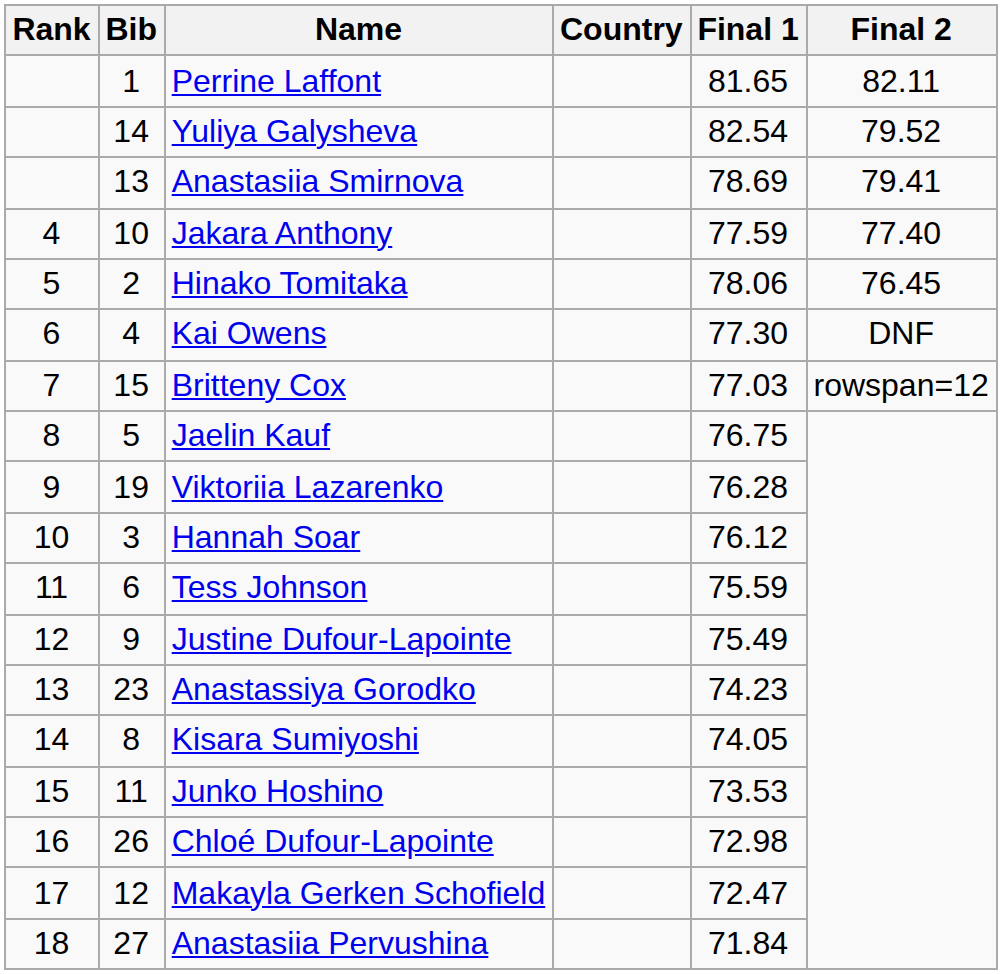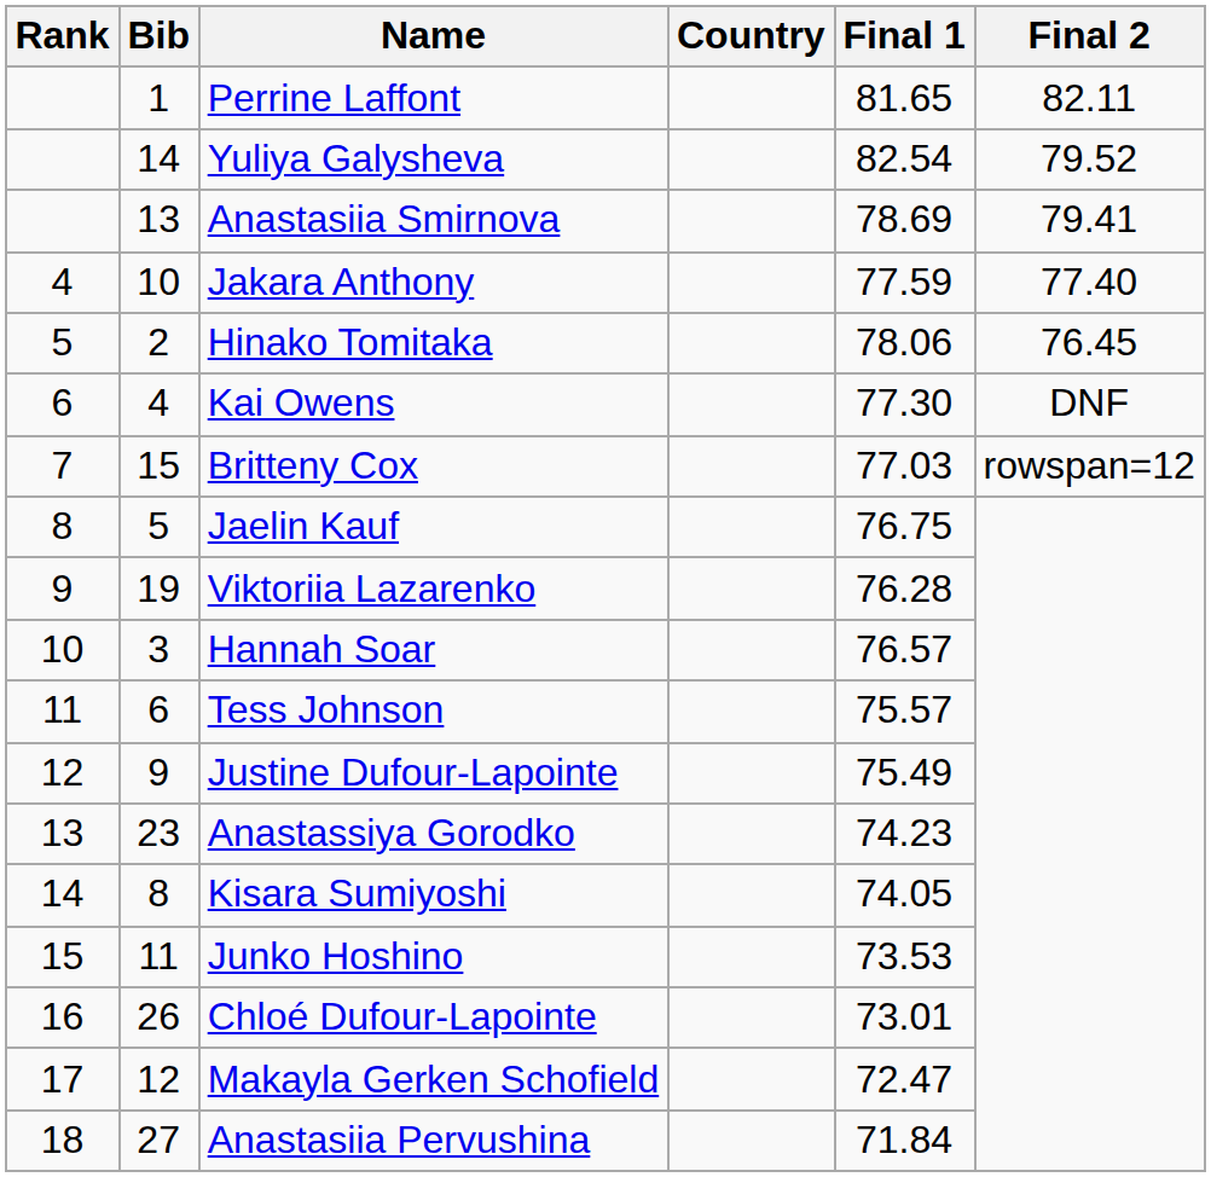 <table class="wikitable sortable" style="text-align:center">
 <tr>
 <th>Rank</th>
 <th>Bib</th>
 <th>Name</th>
 <th>Country</th>
 <th>Final 1</th>
 <th>Final 2</th>
 </tr>
 <tr>
 <td></td>
 <td>1</td>
 <td align=left><a href='#'>Perrine Laffont</a></td>
 <td align=left></td>
 <td>81.65</td>
 <td>82.11</td>
 </tr>
 <tr>
 <td></td>
 <td>14</td>
 <td align=left><a href='#'>Yuliya Galysheva</a></td>
 <td align=left></td>
 <td>82.54</td>
 <td>79.52</td>
 </tr>
 <tr>
 <td></td>
 <td>13</td>
 <td align=left><a href='#'>Anastasiia Smirnova</a></td>
 <td align=left></td>
 <td>78.69</td>
 <td>79.41</td>
 </tr>
 <tr>
 <td>4</td>
 <td>10</td>
 <td align=left><a href='#'>Jakara Anthony</a></td>
 <td align=left></td>
 <td>77.59</td>
 <td>77.40</td>
 </tr>
 <tr>
 <td>5</td>
 <td>2</td>
 <td align=left><a href='#'>Hinako Tomitaka</a></td>
 <td align=left></td>
 <td>78.06</td>
 <td>76.45</td>
 </tr>
 <tr>
 <td>6</td>
 <td>4</td>
 <td align=left><a href='#'>Kai Owens</a></td>
 <td align=left></td>
 <td>77.30</td>
 <td>DNF</td>
 </tr>
 <tr>
 <td>7</td>
 <td>15</td>
 <td align=left><a href='#'>Britteny Cox</a></td>
 <td align=left></td>
 <td>77.03</td>
 <td>rowspan=12 </td>
 </tr>
 <tr>
 <td>8</td>
 <td>5</td>
 <td align=left><a href='#'>Jaelin Kauf</a></td>
 <td align=left></td>
 <td>76.75</td>
 </tr>
 <tr>
 <td>9</td>
 <td>19</td>
 <td align=left><a href='#'>Viktoriia Lazarenko</a></td>
 <td align=left></td>
 <td>76.28</td>
 </tr>
 <tr>
 <td>10</td>
 <td>3</td>
 <td align=left><a href='#'>Hannah Soar</a></td>
 <td align=left></td>
-<td>76.12</td>
+<td>76.57</td>
 </tr>
 <tr>
 <td>11</td>
 <td>6</td>
 <td align=left><a href='#'>Tess Johnson</a></td>
 <td align=left></td>
-<td>75.59</td>
+<td>75.57</td>
 </tr>
 <tr>
 <td>12</td>
 <td>9</td>
 <td align=left><a href='#'>Justine Dufour-Lapointe</a></td>
 <td align=left></td>
 <td>75.49</td>
 </tr>
 <tr>
 <td>13</td>
 <td>23</td>
 <td align=left><a href='#'>Anastassiya Gorodko</a></td>
 <td align=left></td>
 <td>74.23</td>
 </tr>
 <tr>
 <td>14</td>
 <td>8</td>
 <td align=left><a href='#'>Kisara Sumiyoshi</a></td>
 <td align=left></td>
 <td>74.05</td>
 </tr>
 <tr>
 <td>15</td>
 <td>11</td>
 <td align=left><a href='#'>Junko Hoshino</a></td>
 <td align=left></td>
 <td>73.53</td>
 </tr>
 <tr>
 <td>16</td>
 <td>26</td>
 <td align=left><a href='#'>Chloé Dufour-Lapointe</a></td>
 <td align=left></td>
-<td>72.98</td>
+<td>73.01</td>
 </tr>
 <tr>
 <td>17</td>
 <td>12</td>
 <td align=left><a href='#'>Makayla Gerken Schofield</a></td>
 <td align=left></td>
 <td>72.47</td>
 </tr>
 <tr>
 <td>18</td>
 <td>27</td>
 <td align=left><a href='#'>Anastasiia Pervushina</a></td>
 <td align=left></td>
 <td>71.84</td>
 </tr>
 </table>
